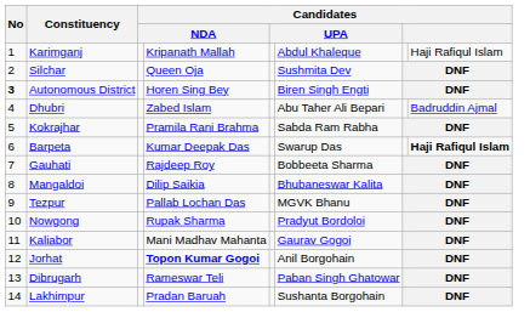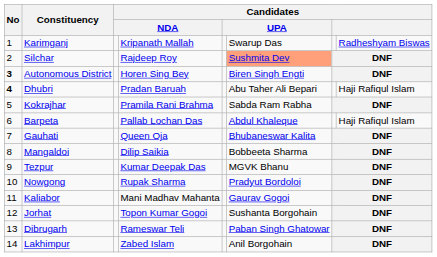 <table class="wikitable sortable">
 <tr>
 <th rowspan="2">No</th>
 <th rowspan="2">Constituency</th>
 <th colspan="6">Candidates</th>
 </tr>
 <tr>
 <th colspan="2"><a href='#'>NDA</a><br>  </th>
 <th colspan="2"><a href='#'>UPA</a><br></th>
 <th colspan="2"></th>
 </tr>
 <tr>
 <td>1</td>
 <td><a href='#'>Karimganj</a></td>
 <td style="background:"></td>
 <td><a href='#'>Kripanath Mallah</a></td>
 <td style="background:"></td>
-<td><a href='#'>Abdul Khaleque</a></td>
+<td>Swarup Das</td>
 <td style="background:"></td>
-<td>Haji Rafiqul Islam</td>
+<td><a href='#'>Radheshyam Biswas</a></td>
 </tr>
 <tr>
 <td>2</td>
 <td><a href='#'>Silchar</a></td>
 <td style="background:"></td>
-<td><a href='#'>Queen Oja</a></td>
+<td><a href='#'>Rajdeep Roy</a></td>
 <td style="background:"></td>
-<td><a href='#'>Sushmita Dev</a></td>
+<td style="background: lightsalmon;"><a href='#'>Sushmita Dev</a></td>
 <th colspan="2">DNF</th>
 </tr>
 <tr>
 <td><strong>3</strong></td>
 <td><a href='#'>Autonomous District</a></td>
 <td style="background:"></td>
 <td><a href='#'>Horen Sing Bey</a></td>
 <td style="background:"></td>
 <td><a href='#'>Biren Singh Engti</a></td>
 <th colspan="2">DNF</th>
 </tr>
 <tr>
-<td>4</td>
+<td><strong>4</strong></td>
 <td><a href='#'>Dhubri</a></td>
 <td style="background:"></td>
-<td><a href='#'>Zabed Islam</a></td>
+<td><a href='#'>Pradan Baruah</a></td>
 <td style="background:"></td>
 <td>Abu Taher Ali Bepari</td>
 <td style="background:"></td>
-<td><a href='#'>Badruddin Ajmal</a></td>
+<td>Haji Rafiqul Islam</td>
 </tr>
 <tr>
 <td>5</td>
 <td><a href='#'>Kokrajhar</a></td>
 <td style="background:"></td>
 <td><a href='#'>Pramila Rani Brahma</a></td>
 <td style="background:"></td>
 <td>Sabda Ram Rabha</td>
 <th colspan="2">DNF</th>
 </tr>
 <tr>
 <td>6</td>
 <td><a href='#'>Barpeta</a></td>
 <td style="background:"></td>
-<td><a href='#'>Kumar Deepak Das</a></td>
+<td><a href='#'>Pallab Lochan Das</a></td>
 <td style="background:"></td>
-<td>Swarup Das</td>
+<td><a href='#'>Abdul Khaleque</a></td>
 <td style="background:"></td>
-<td><strong>Haji Rafiqul Islam</strong></td>
+<td>Haji Rafiqul Islam</td>
 </tr>
 <tr>
 <td>7</td>
 <td><a href='#'>Gauhati</a></td>
 <td style="background:"></td>
-<td><a href='#'>Rajdeep Roy</a></td>
+<td><a href='#'>Queen Oja</a></td>
 <td style="background:"></td>
-<td>Bobbeeta Sharma</td>
+<td><a href='#'>Bhubaneswar Kalita</a></td>
 <th colspan="2">DNF</th>
 </tr>
 <tr>
 <td>8</td>
 <td><a href='#'>Mangaldoi</a></td>
 <td style="background:"></td>
 <td><a href='#'>Dilip Saikia</a></td>
 <td style="background:"></td>
-<td><a href='#'>Bhubaneswar Kalita</a></td>
+<td>Bobbeeta Sharma</td>
 <th colspan="2">DNF</th>
 </tr>
 <tr>
 <td>9</td>
 <td><a href='#'>Tezpur</a></td>
 <td style="background:"></td>
-<td><a href='#'>Pallab Lochan Das</a></td>
+<td><a href='#'>Kumar Deepak Das</a></td>
 <td style="background:"></td>
 <td>MGVK Bhanu</td>
 <th colspan="2">DNF</th>
 </tr>
 <tr>
 <td>10</td>
 <td><a href='#'>Nowgong</a></td>
 <td style="background:"></td>
 <td><a href='#'>Rupak Sharma</a></td>
 <td style="background:"></td>
 <td><a href='#'>Pradyut Bordoloi</a></td>
 <th colspan="2">DNF</th>
 </tr>
 <tr>
 <td>11</td>
 <td><a href='#'>Kaliabor</a></td>
 <td style="background:"></td>
 <td>Mani Madhav Mahanta</td>
 <td style="background:"></td>
 <td><a href='#'>Gaurav Gogoi</a></td>
 <th colspan="2">DNF</th>
 </tr>
 <tr>
 <td>12</td>
 <td><a href='#'>Jorhat</a></td>
 <td style="background:"></td>
-<td><strong><a href='#'>Topon Kumar Gogoi</a></strong></td>
+<td><a href='#'>Topon Kumar Gogoi</a></td>
 <td style="background:"></td>
-<td>Anil Borgohain</td>
+<td>Sushanta Borgohain</td>
 <th colspan="2">DNF</th>
 </tr>
 <tr>
 <td>13</td>
 <td><a href='#'>Dibrugarh</a></td>
 <td style="background:"></td>
 <td><a href='#'>Rameswar Teli</a></td>
 <td style="background:"></td>
 <td><a href='#'>Paban Singh Ghatowar</a></td>
 <th colspan="2">DNF</th>
 </tr>
 <tr>
 <td>14</td>
 <td><a href='#'>Lakhimpur</a></td>
 <td style="background:"></td>
-<td><a href='#'>Pradan Baruah</a></td>
+<td><a href='#'>Zabed Islam</a></td>
 <td style="background:"></td>
-<td>Sushanta Borgohain</td>
+<td>Anil Borgohain</td>
 <th colspan="2">DNF</th>
 </tr>
 </table>
